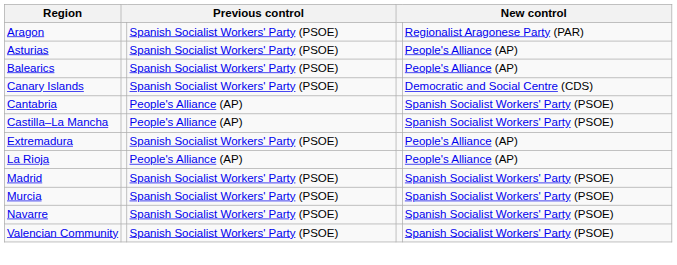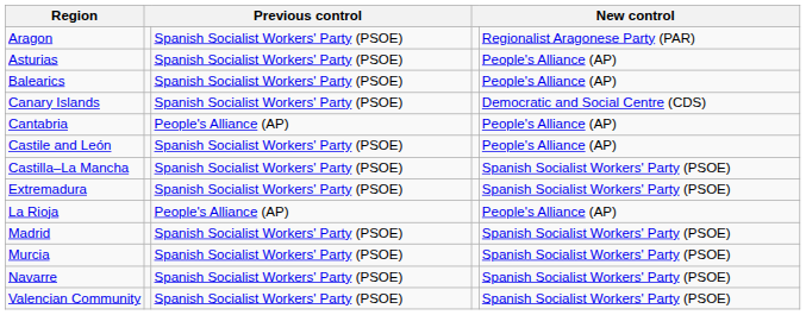 <table class="wikitable">
 <tr>
 <th>Region</th>
 <th colspan="2" style="width:375px;">Previous control</th>
 <th colspan="2" style="width:375px;">New control</th>
 </tr>
 <tr>
 <td><a href='#'>Aragon</a></td>
 <td width="1" style="color:inherit;background:"></td>
 <td><a href='#'>Spanish Socialist Workers' Party</a> (PSOE)</td>
 <td width="1" style="color:inherit;background:"></td>
 <td><a href='#'>Regionalist Aragonese Party</a> (PAR)</td>
 </tr>
 <tr>
 <td><a href='#'>Asturias</a></td>
 <td style="color:inherit;background:"></td>
 <td><a href='#'>Spanish Socialist Workers' Party</a> (PSOE)</td>
 <td style="color:inherit;background:"></td>
 <td><a href='#'>People's Alliance</a> (AP)</td>
 </tr>
 <tr>
 <td><a href='#'>Balearics</a></td>
 <td style="color:inherit;background:"></td>
 <td><a href='#'>Spanish Socialist Workers' Party</a> (PSOE)</td>
 <td style="color:inherit;background:"></td>
 <td><a href='#'>People's Alliance</a> (AP)</td>
 </tr>
 <tr>
 <td><a href='#'>Canary Islands</a></td>
 <td style="color:inherit;background:"></td>
 <td><a href='#'>Spanish Socialist Workers' Party</a> (PSOE)</td>
 <td style="color:inherit;background:"></td>
 <td><a href='#'>Democratic and Social Centre</a> (CDS)</td>
 </tr>
 <tr>
 <td><a href='#'>Cantabria</a></td>
 <td style="color:inherit;background:"></td>
 <td><a href='#'>People's Alliance</a> (AP)</td>
 <td style="color:inherit;background:"></td>
+<td><a href='#'>People's Alliance</a> (AP) </td>
+</tr>
+<tr>
+<td><a href='#'>Castile and León</a></td>
+<td style="color:inherit;background:"></td>
 <td><a href='#'>Spanish Socialist Workers' Party</a> (PSOE)</td>
+<td style="color:inherit;background:"></td>
+<td><a href='#'>People's Alliance</a> (AP)</td>
 </tr>
 <tr>
 <td><a href='#'>Castilla–La Mancha</a></td>
 <td style="color:inherit;background:"></td>
-<td><a href='#'>People's Alliance</a> (AP)</td>
+<td><a href='#'>Spanish Socialist Workers' Party</a> (PSOE)</td>
 <td style="color:inherit;background:"></td>
 <td><a href='#'>Spanish Socialist Workers' Party</a> (PSOE)</td>
 </tr>
 <tr>
 <td><a href='#'>Extremadura</a></td>
 <td style="color:inherit;background:"></td>
 <td><a href='#'>Spanish Socialist Workers' Party</a> (PSOE)</td>
 <td style="color:inherit;background:"></td>
-<td><a href='#'>People's Alliance</a> (AP) </td>
+<td><a href='#'>Spanish Socialist Workers' Party</a> (PSOE)</td>
 </tr>
 <tr>
 <td><a href='#'>La Rioja</a></td>
 <td style="color:inherit;background:"></td>
 <td><a href='#'>People's Alliance</a> (AP)</td>
 <td style="color:inherit;background:"></td>
 <td><a href='#'>People's Alliance</a> (AP) </td>
 </tr>
 <tr>
 <td><a href='#'>Madrid</a></td>
 <td style="color:inherit;background:"></td>
 <td><a href='#'>Spanish Socialist Workers' Party</a> (PSOE)</td>
 <td style="color:inherit;background:"></td>
 <td><a href='#'>Spanish Socialist Workers' Party</a> (PSOE)</td>
 </tr>
 <tr>
 <td><a href='#'>Murcia</a></td>
 <td style="color:inherit;background:"></td>
 <td><a href='#'>Spanish Socialist Workers' Party</a> (PSOE)</td>
 <td style="color:inherit;background:"></td>
 <td><a href='#'>Spanish Socialist Workers' Party</a> (PSOE)</td>
 </tr>
 <tr>
 <td><a href='#'>Navarre</a></td>
 <td style="color:inherit;background:"></td>
 <td><a href='#'>Spanish Socialist Workers' Party</a> (PSOE)</td>
 <td style="color:inherit;background:"></td>
 <td><a href='#'>Spanish Socialist Workers' Party</a> (PSOE)</td>
 </tr>
 <tr>
 <td><a href='#'>Valencian Community</a></td>
 <td style="color:inherit;background:"></td>
 <td><a href='#'>Spanish Socialist Workers' Party</a> (PSOE)</td>
 <td style="color:inherit;background:"></td>
 <td><a href='#'>Spanish Socialist Workers' Party</a> (PSOE)</td>
 </tr>
 </table>
